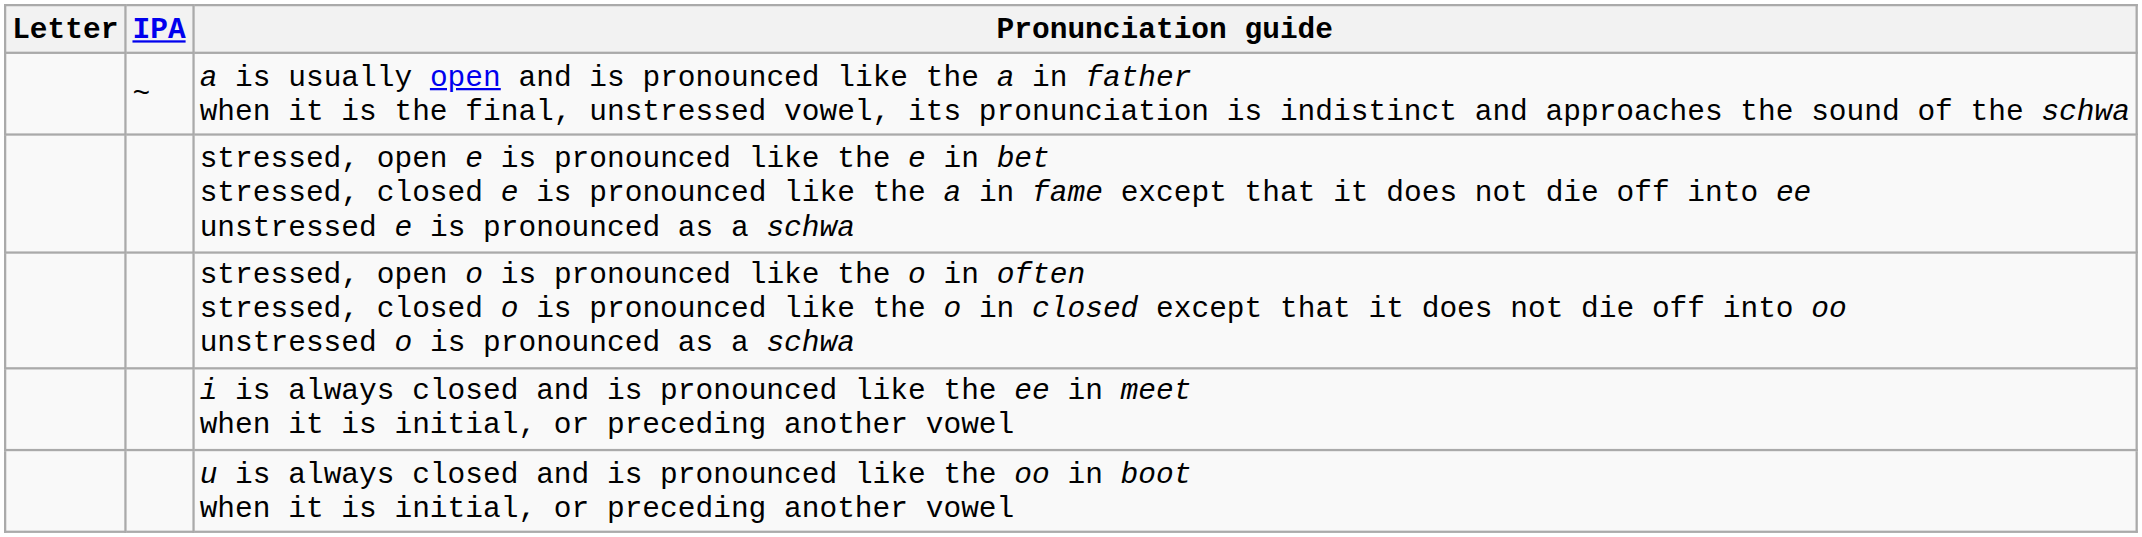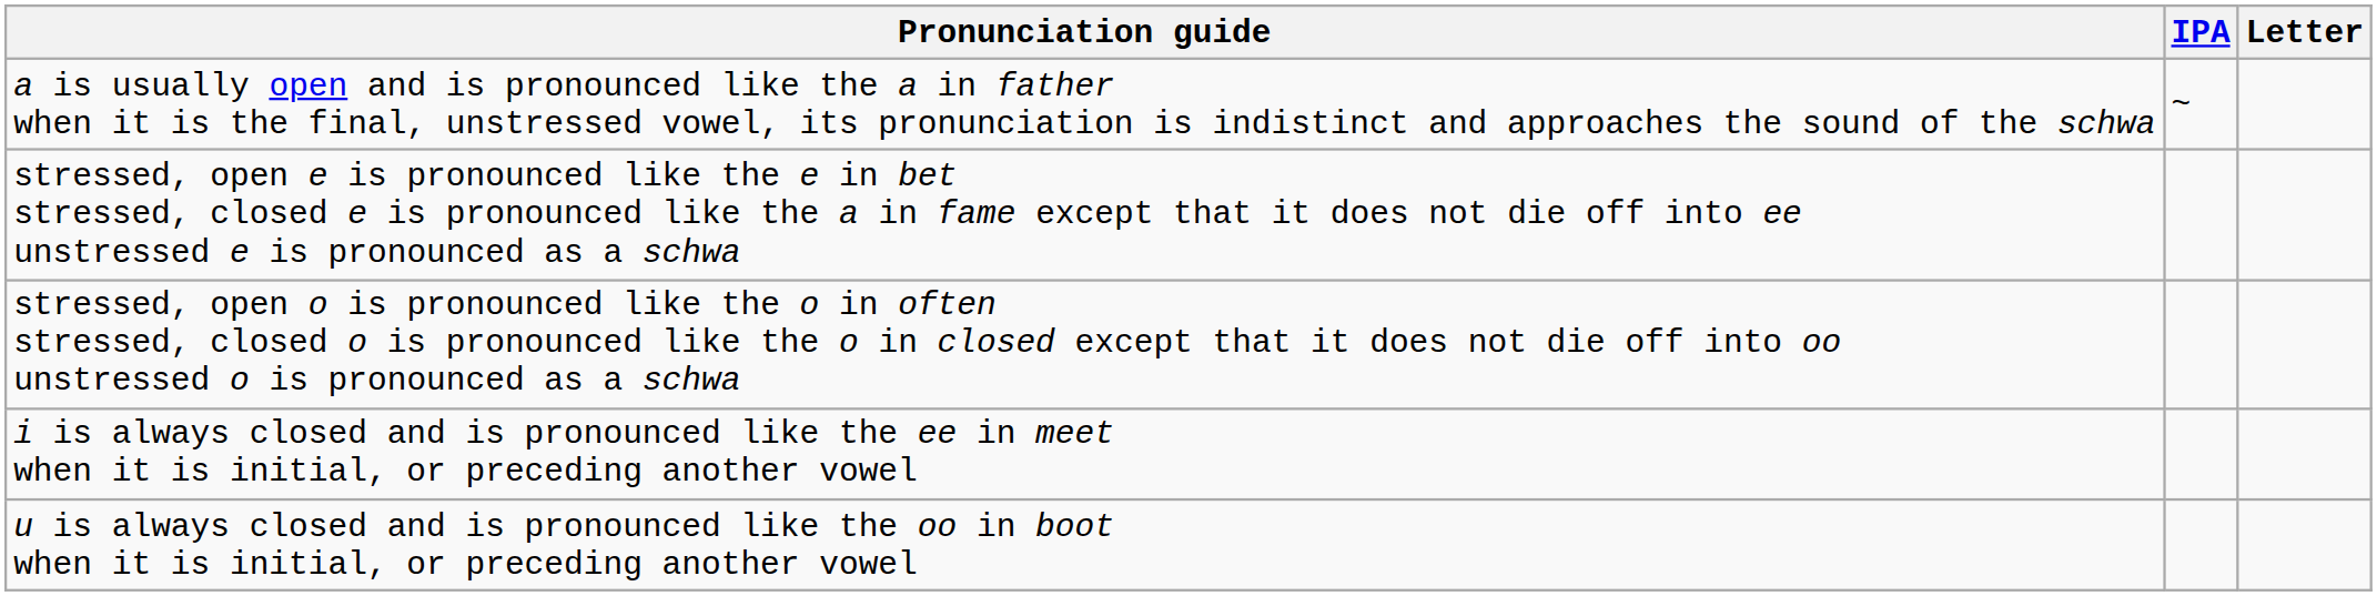 <table class="wikitable">
 <tr>
+<th>Pronunciation guide</th>
+<th><a href='#'>IPA</a></th>
 <th>Letter</th>
-<th><a href='#'>IPA</a></th>
-<th>Pronunciation guide</th>
 </tr>
 <tr>
+<td><em>a</em> is usually <a href='#'>open</a> and is pronounced like the <em>a</em> in <em>father</em><br>when it is the final, unstressed vowel, its pronunciation is indistinct and approaches the sound of the <em>schwa</em></td>
+<td>~<br></td>
 <td></td>
-<td>~<br></td>
-<td><em>a</em> is usually <a href='#'>open</a> and is pronounced like the <em>a</em> in <em>father</em><br>when it is the final, unstressed vowel, its pronunciation is indistinct and approaches the sound of the <em>schwa</em></td>
 </tr>
 <tr>
+<td>stressed, open <em>e</em> is pronounced like the <em>e</em> in <em>bet</em><br>stressed, closed <em>e</em> is pronounced like the <em>a</em> in <em>fame</em> except that it does not die off into <em>ee</em><br>unstressed <em>e</em> is pronounced as a <em>schwa</em></td>
+<td><br><br></td>
 <td></td>
-<td><br><br></td>
-<td>stressed, open <em>e</em> is pronounced like the <em>e</em> in <em>bet</em><br>stressed, closed <em>e</em> is pronounced like the <em>a</em> in <em>fame</em> except that it does not die off into <em>ee</em><br>unstressed <em>e</em> is pronounced as a <em>schwa</em></td>
 </tr>
 <tr>
+<td>stressed, open <em>o</em> is pronounced like the <em>o</em> in <em>often</em><br>stressed, closed <em>o</em> is pronounced like the <em>o</em> in <em>closed</em> except that it does not die off into <em>oo</em><br>unstressed <em>o</em> is pronounced as a <em>schwa</em></td>
+<td><br><br></td>
 <td></td>
-<td><br><br></td>
-<td>stressed, open <em>o</em> is pronounced like the <em>o</em> in <em>often</em><br>stressed, closed <em>o</em> is pronounced like the <em>o</em> in <em>closed</em> except that it does not die off into <em>oo</em><br>unstressed <em>o</em> is pronounced as a <em>schwa</em></td>
 </tr>
 <tr>
+<td><em>i</em> is always closed and is pronounced like the <em>ee</em> in <em>meet</em><br>when it is initial, or preceding another vowel</td>
+<td><br></td>
 <td></td>
-<td><br></td>
-<td><em>i</em> is always closed and is pronounced like the <em>ee</em> in <em>meet</em><br>when it is initial, or preceding another vowel</td>
 </tr>
 <tr>
+<td><em>u</em> is always closed and is pronounced like the <em>oo</em> in <em>boot</em><br>when it is initial, or preceding another vowel</td>
+<td><br></td>
 <td></td>
-<td><br></td>
-<td><em>u</em> is always closed and is pronounced like the <em>oo</em> in <em>boot</em><br>when it is initial, or preceding another vowel</td>
 </tr>
 </table>
